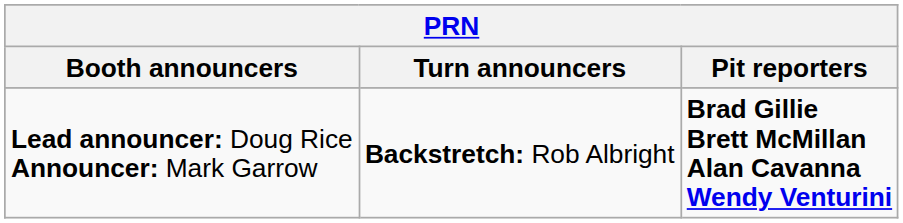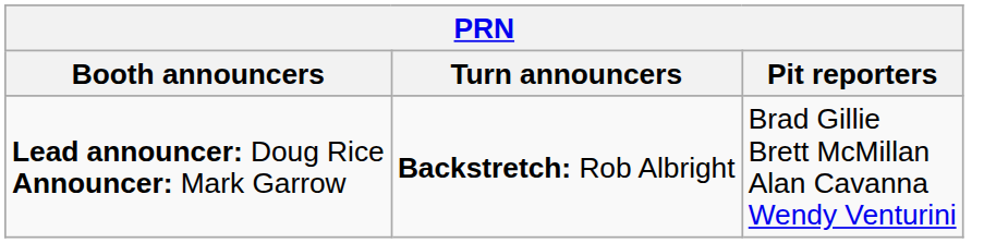 <table class="wikitable" style="font-size: 95%;">
 <tr>
 <th colspan="3"><a href='#'>PRN</a></th>
 </tr>
 <tr>
 <th>Booth announcers</th>
 <th>Turn announcers</th>
 <th>Pit reporters</th>
 </tr>
 <tr>
 <td><strong>Lead announcer:</strong> Doug Rice<br><strong>Announcer:</strong> Mark Garrow</td>
 <td><strong>Backstretch:</strong> Rob Albright</td>
-<td><strong>Brad Gillie<br>Brett McMillan<br>Alan Cavanna<br><a href='#'>Wendy Venturini</a></strong></td>
+<td>Brad Gillie<br>Brett McMillan<br>Alan Cavanna<br><a href='#'>Wendy Venturini</a></td>
 </tr>
 </table>
